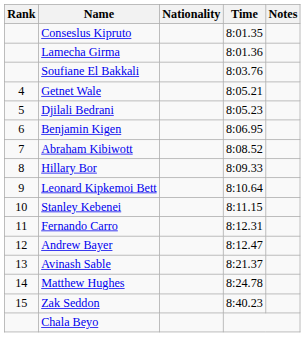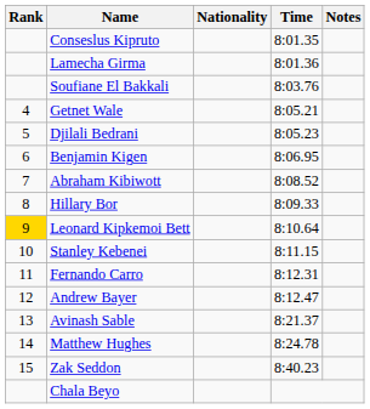 <table class="wikitable sortable" style="text-align:center">
 <tr>
 <th>Rank</th>
 <th>Name</th>
 <th>Nationality</th>
 <th>Time</th>
 <th>Notes</th>
 </tr>
 <tr>
 <td></td>
 <td align=left><a href='#'>Conseslus Kipruto</a></td>
 <td align=left></td>
 <td>8:01.35</td>
 <td><strong></strong></td>
 </tr>
 <tr>
 <td></td>
 <td align=left><a href='#'>Lamecha Girma</a></td>
 <td align=left></td>
 <td>8:01.36</td>
 <td><strong></strong></td>
 </tr>
 <tr>
 <td></td>
 <td align=left><a href='#'>Soufiane El Bakkali</a></td>
 <td align=left></td>
 <td>8:03.76</td>
 <td></td>
 </tr>
 <tr>
 <td>4</td>
 <td align=left><a href='#'>Getnet Wale</a></td>
 <td align=left></td>
 <td>8:05.21</td>
 <td></td>
 </tr>
 <tr>
 <td>5</td>
 <td align=left><a href='#'>Djilali Bedrani</a></td>
 <td align=left></td>
 <td>8:05.23</td>
 <td></td>
 </tr>
 <tr>
 <td>6</td>
 <td align=left><a href='#'>Benjamin Kigen</a></td>
 <td align=left></td>
 <td>8:06.95</td>
 <td></td>
 </tr>
 <tr>
 <td>7</td>
 <td align=left><a href='#'>Abraham Kibiwott</a></td>
 <td align=left></td>
 <td>8:08.52</td>
 <td></td>
 </tr>
 <tr>
 <td>8</td>
 <td align=left><a href='#'>Hillary Bor</a></td>
 <td align=left></td>
 <td>8:09.33</td>
 <td></td>
 </tr>
 <tr>
-<td>9</td>
+<td style="background: gold;">9</td>
 <td align=left><a href='#'>Leonard Kipkemoi Bett</a></td>
 <td align=left></td>
 <td>8:10.64</td>
 <td></td>
 </tr>
 <tr>
 <td>10</td>
 <td align=left><a href='#'>Stanley Kebenei</a></td>
 <td align=left></td>
 <td>8:11.15</td>
 <td></td>
 </tr>
 <tr>
 <td>11</td>
 <td align=left><a href='#'>Fernando Carro</a></td>
 <td align=left></td>
 <td>8:12.31</td>
 <td></td>
 </tr>
 <tr>
 <td>12</td>
 <td align=left><a href='#'>Andrew Bayer</a></td>
 <td align=left></td>
 <td>8:12.47</td>
 <td></td>
 </tr>
 <tr>
 <td>13</td>
 <td align=left><a href='#'>Avinash Sable</a></td>
 <td align=left></td>
 <td>8:21.37</td>
 <td><strong></strong></td>
 </tr>
 <tr>
 <td>14</td>
 <td align=left><a href='#'>Matthew Hughes</a></td>
 <td align=left></td>
 <td>8:24.78</td>
 <td></td>
 </tr>
 <tr>
 <td>15</td>
 <td align=left><a href='#'>Zak Seddon</a></td>
 <td align=left></td>
 <td>8:40.23</td>
 <td></td>
 </tr>
 <tr>
 <td></td>
 <td align=left><a href='#'>Chala Beyo</a></td>
 <td align=left></td>
 <td colspan=2></td>
 </tr>
 </table>
